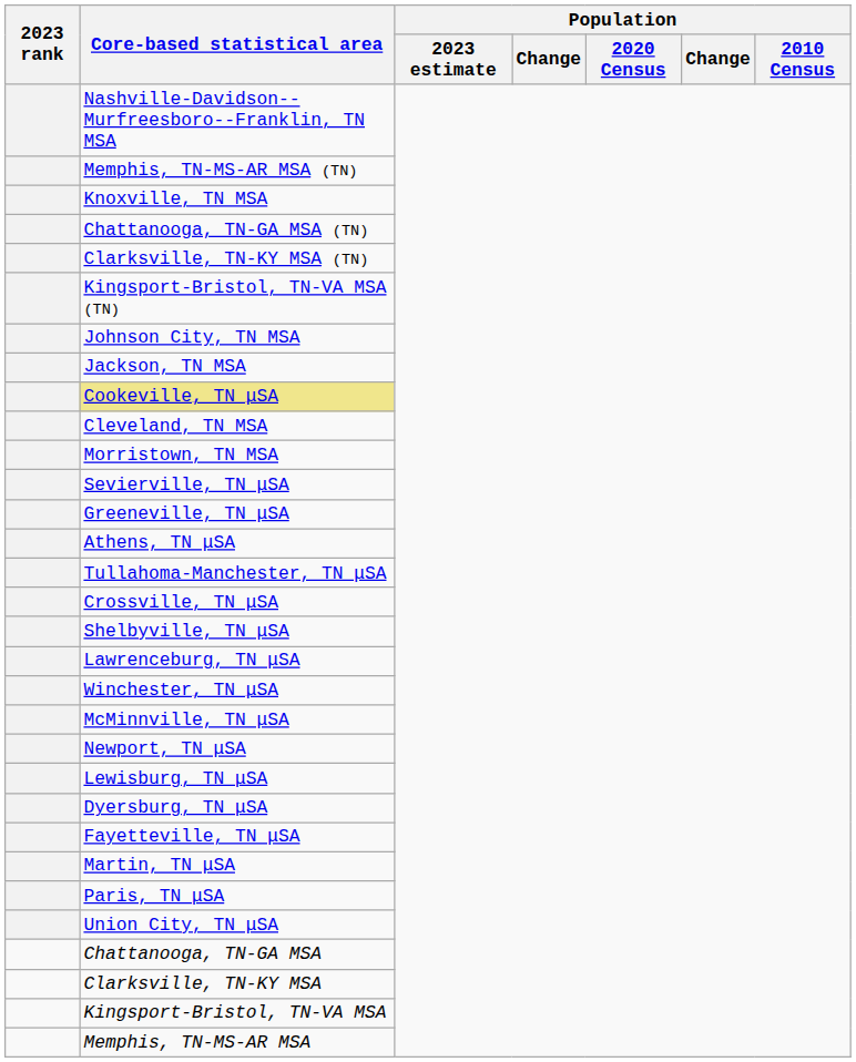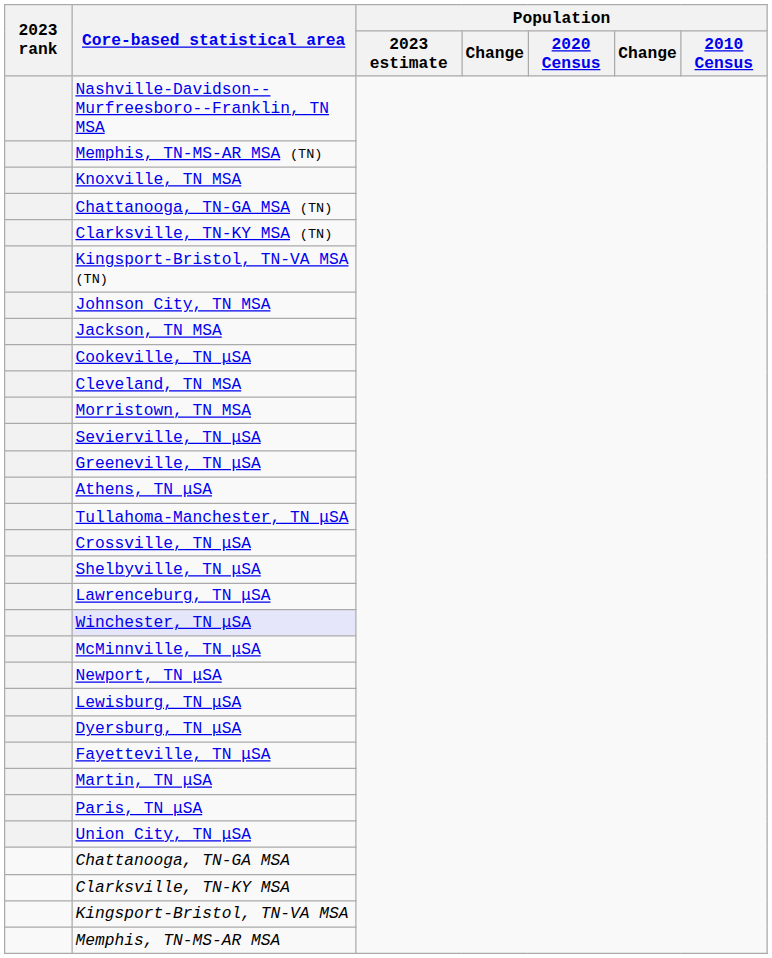 <table class="wikitable sortable">
 <tr>
 <th scope=col rowspan=2>2023 rank</th>
 <th scope=col rowspan=2><a href='#'>Core-based statistical area</a></th>
 <th colspan=5>Population</th>
 </tr>
 <tr>
 <th scope=col>2023 estimate</th>
 <th scope=col>Change</th>
 <th scope=col><a href='#'>2020 Census</a></th>
 <th scope=col>Change</th>
 <th scope=col><a href='#'>2010 Census</a></th>
 </tr>
 <tr>
 <th scope=row></th>
 <td><a href='#'>Nashville-Davidson--Murfreesboro--Franklin, TN MSA</a><br></td>
 </tr>
 <tr>
 <th scope=row></th>
 <td><a href='#'>Memphis, TN-MS-AR MSA</a> <small>(TN)</small><br></td>
 </tr>
 <tr>
 <th scope=row></th>
 <td><a href='#'>Knoxville, TN MSA</a><br></td>
 </tr>
 <tr>
 <th scope=row></th>
 <td><a href='#'>Chattanooga, TN-GA MSA</a> <small>(TN)</small><br></td>
 </tr>
 <tr>
 <th scope=row></th>
 <td><a href='#'>Clarksville, TN-KY MSA</a> <small>(TN)</small><br></td>
 </tr>
 <tr>
 <th scope=row></th>
 <td><a href='#'>Kingsport-Bristol, TN-VA MSA</a> <small>(TN)</small><br></td>
 </tr>
 <tr>
 <th scope=row></th>
 <td><a href='#'>Johnson City, TN MSA</a><br></td>
 </tr>
 <tr>
 <th scope=row></th>
 <td><a href='#'>Jackson, TN MSA</a><br></td>
 </tr>
 <tr>
 <th scope=row></th>
-<td style="background: khaki;"><a href='#'>Cookeville, TN μSA</a><br></td>
+<td><a href='#'>Cookeville, TN μSA</a><br></td>
 </tr>
 <tr>
 <th scope=row></th>
 <td><a href='#'>Cleveland, TN MSA</a><br></td>
 </tr>
 <tr>
 <th scope=row></th>
 <td><a href='#'>Morristown, TN MSA</a><br></td>
 </tr>
 <tr>
 <th scope=row></th>
 <td><a href='#'>Sevierville, TN μSA</a><br></td>
 </tr>
 <tr>
 <th scope=row></th>
 <td><a href='#'>Greeneville, TN μSA</a><br></td>
 </tr>
 <tr>
 <th scope=row></th>
 <td><a href='#'>Athens, TN μSA</a><br></td>
 </tr>
 <tr>
 <th scope=row></th>
 <td><a href='#'>Tullahoma-Manchester, TN μSA</a><br></td>
 </tr>
 <tr>
 <th scope=row></th>
 <td><a href='#'>Crossville, TN μSA</a><br></td>
 </tr>
 <tr>
 <th scope=row></th>
 <td><a href='#'>Shelbyville, TN μSA</a><br></td>
 </tr>
 <tr>
 <th scope=row></th>
 <td><a href='#'>Lawrenceburg, TN μSA</a><br></td>
 </tr>
 <tr>
 <th scope=row></th>
-<td><a href='#'>Winchester, TN μSA</a><br></td>
+<td style="background: lavender;"><a href='#'>Winchester, TN μSA</a><br></td>
 </tr>
 <tr>
 <th scope=row></th>
 <td><a href='#'>McMinnville, TN μSA</a><br></td>
 </tr>
 <tr>
 <th scope=row></th>
 <td><a href='#'>Newport, TN μSA</a><br></td>
 </tr>
 <tr>
 <th scope=row></th>
 <td><a href='#'>Lewisburg, TN μSA</a><br></td>
 </tr>
 <tr>
 <th scope=row></th>
 <td><a href='#'>Dyersburg, TN μSA</a><br></td>
 </tr>
 <tr>
 <th scope=row></th>
 <td><a href='#'>Fayetteville, TN μSA</a><br></td>
 </tr>
 <tr>
 <th scope=row></th>
 <td><a href='#'>Martin, TN μSA</a><br></td>
 </tr>
 <tr>
 <th scope=row></th>
 <td><a href='#'>Paris, TN μSA</a><br></td>
 </tr>
 <tr>
 <th scope=row></th>
 <td><a href='#'>Union City, TN μSA</a><br></td>
 </tr>
 <tr>
 <td></td>
 <td><em><span>Chattanooga, TN-GA MSA</span></em><br></td>
 </tr>
 <tr>
 <td></td>
 <td><em><span>Clarksville, TN-KY MSA</span></em><br></td>
 </tr>
 <tr>
 <td></td>
 <td><em><span>Kingsport-Bristol, TN-VA MSA</span></em><br></td>
 </tr>
 <tr>
 <td></td>
 <td><em><span>Memphis, TN-MS-AR MSA</span></em><br></td>
 </tr>
 </table>
